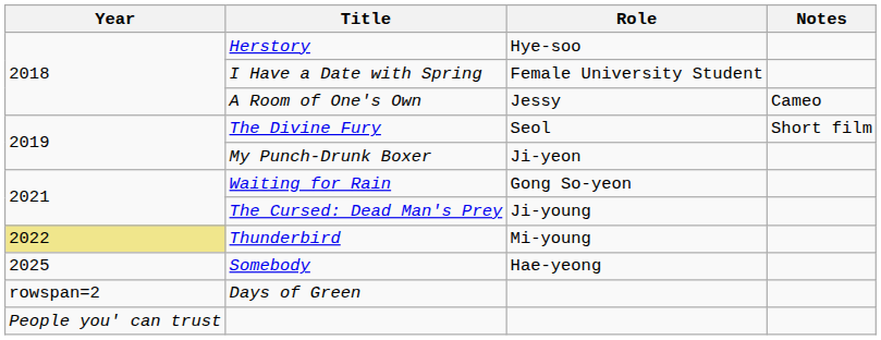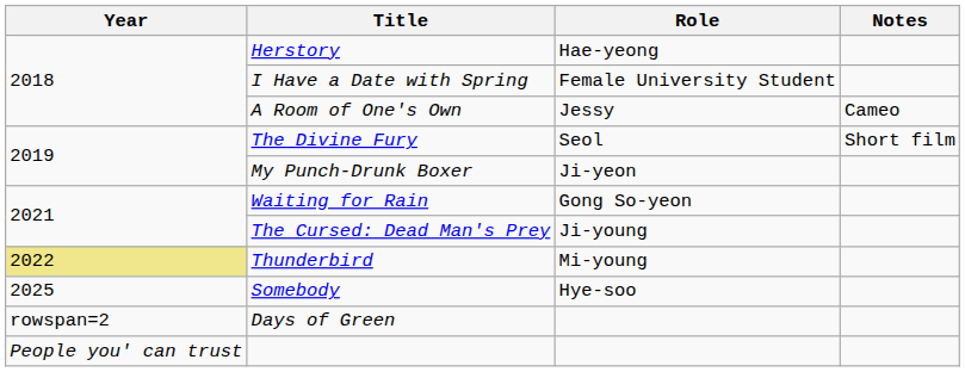 <table class="wikitable sortable">
 <tr>
 <th>Year</th>
 <th>Title</th>
 <th>Role</th>
 <th>Notes</th>
 </tr>
 <tr>
 <td rowspan=3>2018</td>
 <td><em><a href='#'>Herstory</a></em></td>
-<td>Hye-soo</td>
+<td>Hae-yeong</td>
 <td></td>
 </tr>
 <tr>
 <td><em>I Have a Date with Spring</em></td>
 <td>Female University Student</td>
 <td></td>
 </tr>
 <tr>
 <td><em>A Room of One's Own</em></td>
 <td>Jessy</td>
 <td>Cameo</td>
 </tr>
 <tr>
 <td rowspan=2>2019</td>
 <td><em><a href='#'>The Divine Fury</a></em></td>
 <td>Seol</td>
 <td>Short film</td>
 </tr>
 <tr>
 <td><em>My Punch-Drunk Boxer </em></td>
 <td>Ji-yeon</td>
 <td></td>
 </tr>
 <tr>
 <td rowspan=2>2021</td>
 <td><em><a href='#'>Waiting for Rain</a></em></td>
 <td>Gong So-yeon</td>
 <td></td>
 </tr>
 <tr>
 <td><em><a href='#'>The Cursed: Dead Man's Prey</a></em></td>
 <td>Ji-young</td>
 <td></td>
 </tr>
 <tr>
 <td style="background: khaki;">2022</td>
 <td><em><a href='#'>Thunderbird</a></em></td>
 <td>Mi-young</td>
 <td></td>
 </tr>
 <tr>
 <td>2025</td>
 <td><em><a href='#'>Somebody</a></em></td>
-<td>Hae-yeong</td>
+<td>Hye-soo</td>
 <td></td>
 </tr>
 <tr>
 <td>rowspan=2 </td>
 <td><em>Days of Green</em></td>
 <td></td>
 <td></td>
 </tr>
 <tr>
 <td><em>People you' can trust</em></td>
 <td></td>
 <td></td>
 </tr>
 </table>
